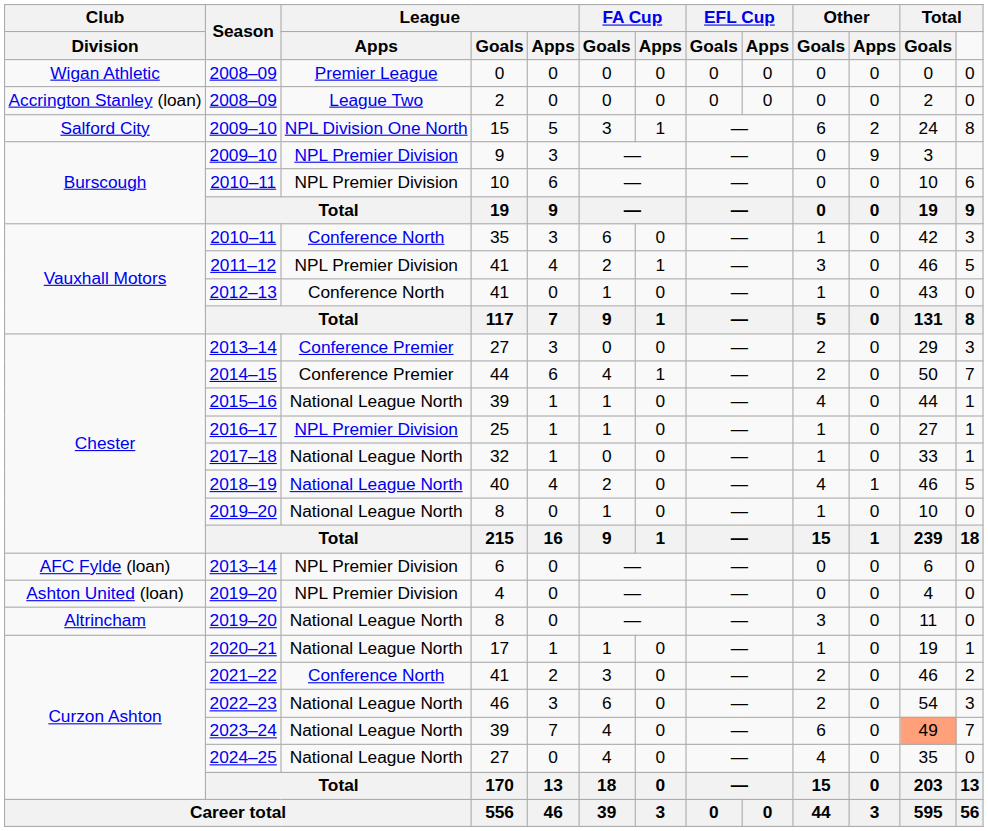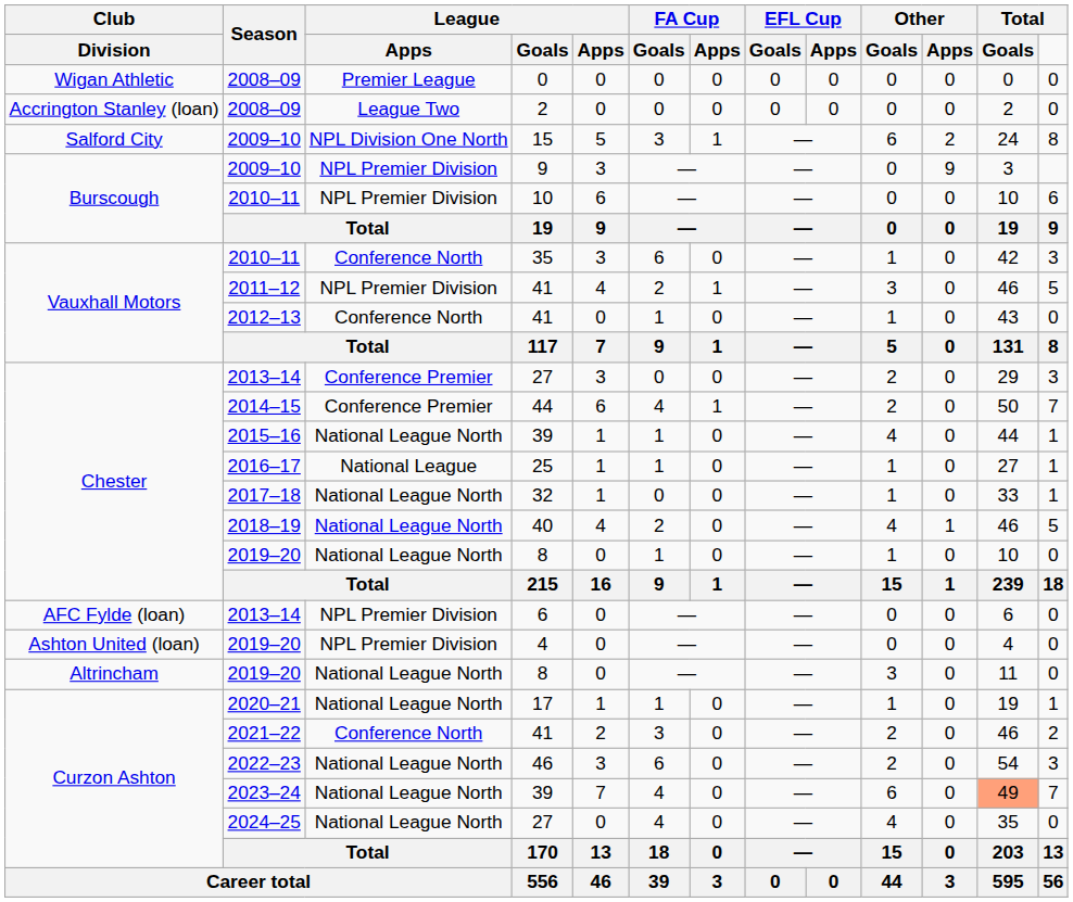 <table class="wikitable" style="text-align: center;">
 <tr>
 <th>Club</th>
 <th rowspan=2>Season</th>
 <th colspan=3>League</th>
 <th colspan=2><a href='#'>FA Cup</a></th>
 <th colspan=2><a href='#'>EFL Cup</a></th>
 <th colspan=2>Other</th>
 <th colspan=2>Total</th>
 </tr>
 <tr>
 <th>Division</th>
 <th>Apps</th>
 <th>Goals</th>
 <th>Apps</th>
 <th>Goals</th>
 <th>Apps</th>
 <th>Goals</th>
 <th>Apps</th>
 <th>Goals</th>
 <th>Apps</th>
 <th>Goals</th>
 </tr>
 <tr>
 <td><a href='#'>Wigan Athletic</a></td>
 <td><a href='#'>2008–09</a></td>
 <td><a href='#'>Premier League</a></td>
 <td>0</td>
 <td>0</td>
 <td>0</td>
 <td>0</td>
 <td>0</td>
 <td>0</td>
 <td>0</td>
 <td>0</td>
 <td>0</td>
 <td>0</td>
 </tr>
 <tr>
 <td><a href='#'>Accrington Stanley</a> (loan)</td>
 <td><a href='#'>2008–09</a></td>
 <td><a href='#'>League Two</a></td>
 <td>2</td>
 <td>0</td>
 <td>0</td>
 <td>0</td>
 <td>0</td>
 <td>0</td>
 <td>0</td>
 <td>0</td>
 <td>2</td>
 <td>0</td>
 </tr>
 <tr>
 <td><a href='#'>Salford City</a></td>
 <td><a href='#'>2009–10</a></td>
 <td><a href='#'>NPL Division One North</a></td>
 <td>15</td>
 <td>5</td>
 <td>3</td>
 <td>1</td>
 <td colspan=2>—</td>
 <td>6</td>
 <td>2</td>
 <td>24</td>
 <td>8</td>
 </tr>
 <tr>
 <td rowspan=3><a href='#'>Burscough</a></td>
 <td><a href='#'>2009–10</a></td>
 <td><a href='#'>NPL Premier Division</a></td>
 <td>9</td>
 <td>3</td>
 <td colspan=2>—</td>
 <td colspan=2>—</td>
 <td>0</td>
 <td>9</td>
 <td>3</td>
 </tr>
 <tr>
 <td><a href='#'>2010–11</a></td>
 <td>NPL Premier Division</td>
 <td>10</td>
 <td>6</td>
 <td colspan="2">—</td>
 <td colspan=2>—</td>
 <td>0</td>
 <td>0</td>
 <td>10</td>
 <td>6</td>
 </tr>
 <tr>
 <th colspan=2>Total</th>
 <th>19</th>
 <th>9</th>
 <th colspan=2>—</th>
 <th colspan=2>—</th>
 <th>0</th>
 <th>0</th>
 <th>19</th>
 <th>9</th>
 </tr>
 <tr>
 <td rowspan=4><a href='#'>Vauxhall Motors</a></td>
 <td><a href='#'>2010–11</a></td>
 <td><a href='#'>Conference North</a></td>
 <td>35</td>
 <td>3</td>
 <td>6</td>
 <td>0</td>
 <td colspan=2>—</td>
 <td>1</td>
 <td>0</td>
 <td>42</td>
 <td>3</td>
 </tr>
 <tr>
 <td><a href='#'>2011–12</a></td>
 <td>NPL Premier Division</td>
 <td>41</td>
 <td>4</td>
 <td>2</td>
 <td>1</td>
 <td colspan=2>—</td>
 <td>3</td>
 <td>0</td>
 <td>46</td>
 <td>5</td>
 </tr>
 <tr>
 <td><a href='#'>2012–13</a></td>
 <td>Conference North</td>
 <td>41</td>
 <td>0</td>
 <td>1</td>
 <td>0</td>
 <td colspan=2>—</td>
 <td>1</td>
 <td>0</td>
 <td>43</td>
 <td>0</td>
 </tr>
 <tr>
 <th colspan=2>Total</th>
 <th>117</th>
 <th>7</th>
 <th>9</th>
 <th>1</th>
 <th colspan=2>—</th>
 <th>5</th>
 <th>0</th>
 <th>131</th>
 <th>8</th>
 </tr>
 <tr>
 <td rowspan=8><a href='#'>Chester</a></td>
 <td><a href='#'>2013–14</a></td>
 <td><a href='#'>Conference Premier</a></td>
 <td>27</td>
 <td>3</td>
 <td>0</td>
 <td>0</td>
 <td colspan=2>—</td>
 <td>2</td>
 <td>0</td>
 <td>29</td>
 <td>3</td>
 </tr>
 <tr>
 <td><a href='#'>2014–15</a></td>
 <td>Conference Premier</td>
 <td>44</td>
 <td>6</td>
 <td>4</td>
 <td>1</td>
 <td colspan=2>—</td>
 <td>2</td>
 <td>0</td>
 <td>50</td>
 <td>7</td>
 </tr>
 <tr>
 <td><a href='#'>2015–16</a></td>
 <td>National League North</td>
 <td>39</td>
 <td>1</td>
 <td>1</td>
 <td>0</td>
 <td colspan=2>—</td>
 <td>4</td>
 <td>0</td>
 <td>44</td>
 <td>1</td>
 </tr>
 <tr>
 <td><a href='#'>2016–17</a></td>
-<td><a href='#'>NPL Premier Division</a></td>
+<td>National League</td>
 <td>25</td>
 <td>1</td>
 <td>1</td>
 <td>0</td>
 <td colspan=2>—</td>
 <td>1</td>
 <td>0</td>
 <td>27</td>
 <td>1</td>
 </tr>
 <tr>
 <td><a href='#'>2017–18</a></td>
 <td>National League North</td>
 <td>32</td>
 <td>1</td>
 <td>0</td>
 <td>0</td>
 <td colspan=2>—</td>
 <td>1</td>
 <td>0</td>
 <td>33</td>
 <td>1</td>
 </tr>
 <tr>
 <td><a href='#'>2018–19</a></td>
 <td><a href='#'>National League North</a></td>
 <td>40</td>
 <td>4</td>
 <td>2</td>
 <td>0</td>
 <td colspan=2>—</td>
 <td>4</td>
 <td>1</td>
 <td>46</td>
 <td>5</td>
 </tr>
 <tr>
 <td><a href='#'>2019–20</a></td>
 <td>National League North</td>
 <td>8</td>
 <td>0</td>
 <td>1</td>
 <td>0</td>
 <td colspan=2>—</td>
 <td>1</td>
 <td>0</td>
 <td>10</td>
 <td>0</td>
 </tr>
 <tr>
 <th colspan=2>Total</th>
 <th>215</th>
 <th>16</th>
 <th>9</th>
 <th>1</th>
 <th colspan=2>—</th>
 <th>15</th>
 <th>1</th>
 <th>239</th>
 <th>18</th>
 </tr>
 <tr>
 <td><a href='#'>AFC Fylde</a> (loan)</td>
 <td><a href='#'>2013–14</a></td>
 <td>NPL Premier Division</td>
 <td>6</td>
 <td>0</td>
 <td colspan=2>—</td>
 <td colspan=2>—</td>
 <td>0</td>
 <td>0</td>
 <td>6</td>
 <td>0</td>
 </tr>
 <tr>
 <td><a href='#'>Ashton United</a> (loan)</td>
 <td><a href='#'>2019–20</a></td>
 <td>NPL Premier Division</td>
 <td>4</td>
 <td>0</td>
 <td colspan=2>—</td>
 <td colspan=2>—</td>
 <td>0</td>
 <td>0</td>
 <td>4</td>
 <td>0</td>
 </tr>
 <tr>
 <td><a href='#'>Altrincham</a></td>
 <td><a href='#'>2019–20</a></td>
 <td>National League North</td>
 <td>8</td>
 <td>0</td>
 <td colspan="2">—</td>
 <td colspan="2">—</td>
 <td>3</td>
 <td>0</td>
 <td>11</td>
 <td>0</td>
 </tr>
 <tr>
 <td rowspan=6><a href='#'>Curzon Ashton</a></td>
 <td><a href='#'>2020–21</a></td>
 <td>National League North</td>
 <td>17</td>
 <td>1</td>
 <td>1</td>
 <td>0</td>
 <td colspan=2>—</td>
 <td>1</td>
 <td>0</td>
 <td>19</td>
 <td>1</td>
 </tr>
 <tr>
 <td><a href='#'>2021–22</a></td>
 <td><a href='#'>Conference North</a></td>
 <td>41</td>
 <td>2</td>
 <td>3</td>
 <td>0</td>
 <td colspan=2>—</td>
 <td>2</td>
 <td>0</td>
 <td>46</td>
 <td>2</td>
 </tr>
 <tr>
 <td><a href='#'>2022–23</a></td>
 <td>National League North</td>
 <td>46</td>
 <td>3</td>
 <td>6</td>
 <td>0</td>
 <td colspan=2>—</td>
 <td>2</td>
 <td>0</td>
 <td>54</td>
 <td>3</td>
 </tr>
 <tr>
 <td><a href='#'>2023–24</a></td>
 <td>National League North</td>
 <td>39</td>
 <td>7</td>
 <td>4</td>
 <td>0</td>
 <td colspan=2>—</td>
 <td>6</td>
 <td>0</td>
 <td style="background: lightsalmon;">49</td>
 <td>7</td>
 </tr>
 <tr>
 <td><a href='#'>2024–25</a></td>
 <td>National League North</td>
 <td>27</td>
 <td>0</td>
 <td>4</td>
 <td>0</td>
 <td colspan=2>—</td>
 <td>4</td>
 <td>0</td>
 <td>35</td>
 <td>0</td>
 </tr>
 <tr>
 <th colspan=2>Total</th>
 <th>170</th>
 <th>13</th>
 <th>18</th>
 <th>0</th>
 <th colspan=2>—</th>
 <th>15</th>
 <th>0</th>
 <th>203</th>
 <th>13</th>
 </tr>
 <tr>
 <th colspan=3>Career total</th>
 <th>556</th>
 <th>46</th>
 <th>39</th>
 <th>3</th>
 <th>0</th>
 <th>0</th>
 <th>44</th>
 <th>3</th>
 <th>595</th>
 <th>56</th>
 </tr>
 </table>
